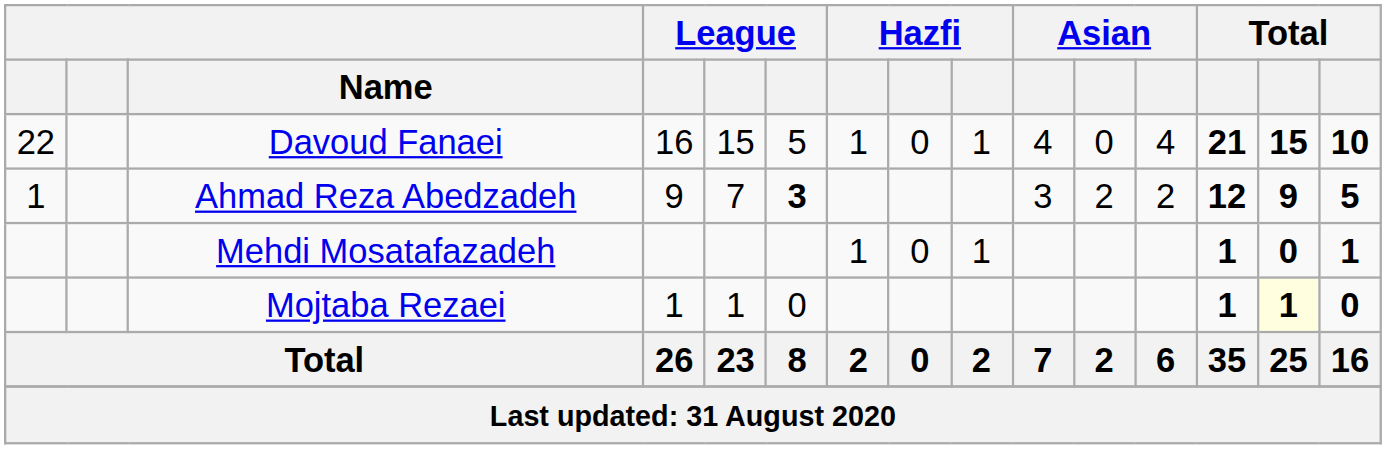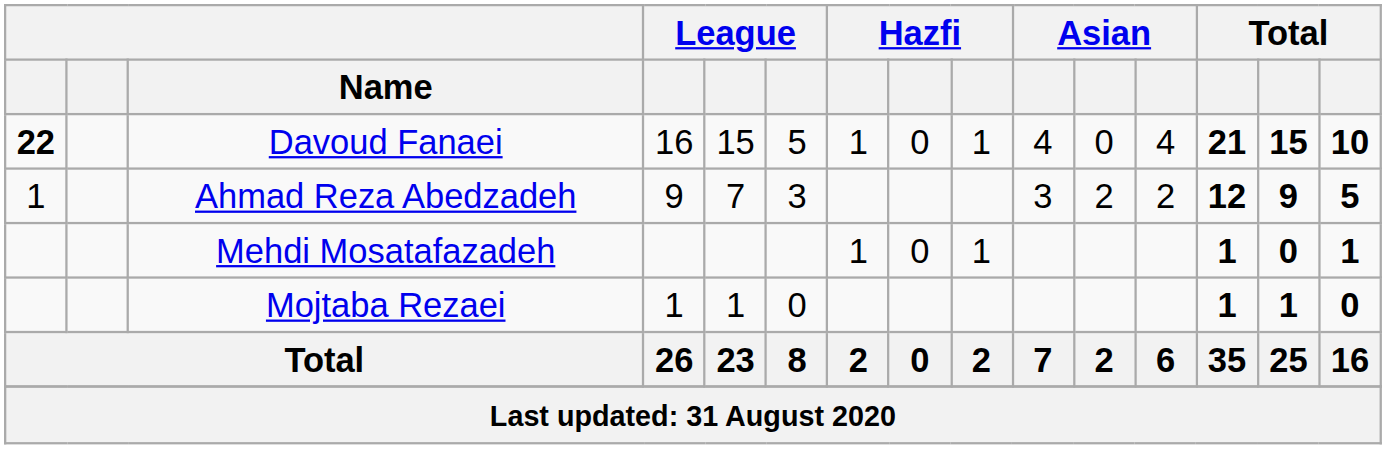 <table class="wikitable sortable" style="text-align:center; font-size:95%;">
 <tr>
 <th colspan="3"></th>
 <th colspan="3"><a href='#'>League</a></th>
 <th colspan="3"><a href='#'>Hazfi</a></th>
 <th colspan="3"><a href='#'>Asian</a></th>
 <th colspan="3">Total</th>
 </tr>
 <tr>
 <th width=20></th>
 <th width=20></th>
 <th width=220>Name</th>
 <th width=20></th>
 <th width=20></th>
 <th width=20></th>
 <th width=20></th>
 <th width=20></th>
 <th width=20></th>
 <th width=20></th>
 <th width=20></th>
 <th width=20></th>
 <th width=20></th>
 <th width=20></th>
 <th width=20></th>
 </tr>
 <tr>
-<td>22</td>
+<td><strong>22</strong></td>
 <td></td>
 <td><a href='#'>Davoud Fanaei</a></td>
 <td>16</td>
 <td>15</td>
 <td>5</td>
 <td>1</td>
 <td>0</td>
 <td>1</td>
 <td>4</td>
 <td>0</td>
 <td>4</td>
 <td><strong>21</strong></td>
 <td><strong>15</strong></td>
 <td><strong>10</strong></td>
 </tr>
 <tr>
 <td>1</td>
 <td></td>
 <td><a href='#'>Ahmad Reza Abedzadeh</a></td>
 <td>9</td>
 <td>7</td>
-<td><strong>3</strong></td>
+<td>3</td>
 <td></td>
 <td></td>
 <td></td>
 <td>3</td>
 <td>2</td>
 <td>2</td>
 <td><strong>12</strong></td>
 <td><strong>9</strong></td>
 <td><strong>5</strong></td>
 </tr>
 <tr>
 <td></td>
 <td></td>
 <td><a href='#'>Mehdi Mosatafazadeh</a></td>
 <td></td>
 <td></td>
 <td></td>
 <td>1</td>
 <td>0</td>
 <td>1</td>
 <td></td>
 <td></td>
 <td></td>
 <td><strong>1</strong></td>
 <td><strong>0</strong></td>
 <td><strong>1</strong></td>
 </tr>
 <tr>
 <td></td>
 <td></td>
 <td><a href='#'>Mojtaba Rezaei</a></td>
 <td>1</td>
 <td>1</td>
 <td>0</td>
 <td></td>
 <td></td>
 <td></td>
 <td></td>
 <td></td>
 <td></td>
 <td><strong>1</strong></td>
-<td style="background: lightyellow;"><strong>1</strong></td>
+<td><strong>1</strong></td>
 <td><strong>0</strong></td>
 </tr>
 <tr>
 <th colspan="3">Total</th>
 <th>26</th>
 <th>23</th>
 <th>8</th>
 <th>2</th>
 <th>0</th>
 <th>2</th>
 <th>7</th>
 <th>2</th>
 <th>6</th>
 <th>35</th>
 <th>25</th>
 <th>16</th>
 </tr>
 <tr>
 </tr>
 <tr align=left style="background:#DCDCDC">
 <th colspan="19"><small>Last updated: 31 August 2020</small></th>
 </tr>
 </table>
